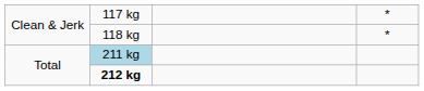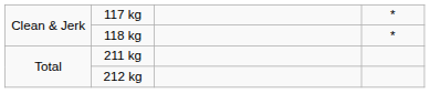 <table class = "wikitable" style="text-align:center;">
 <tr>
 <td rowspan=2 width=100>Clean & Jerk</td>
 <td width=70>117 kg</td>
 <td width=250 align=left></td>
 <td width=70>*</td>
 </tr>
 <tr>
 <td>118 kg</td>
 <td align=left></td>
 <td>*</td>
 </tr>
 <tr>
 <td rowspan=2>Total</td>
-<td style="background: lightblue;">211 kg</td>
+<td>211 kg</td>
 <td align=left></td>
 <td></td>
 </tr>
 <tr>
-<td><strong>212 kg</strong></td>
+<td>212 kg</td>
 <td align=left></td>
 <td></td>
 </tr>
 </table>
